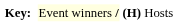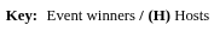 <table style="font-size: 85%;">
 <tr>
 <td height=5></td>
 </tr>
 <tr>
 <td><strong>Key:</strong></td>
 <td></td>
-<td style="background: lightyellow;">Event winners <strong>/</strong></td>
+<td>Event winners <strong>/</strong></td>
 <td><strong>(H)</strong> Hosts</td>
 </tr>
 </table>
